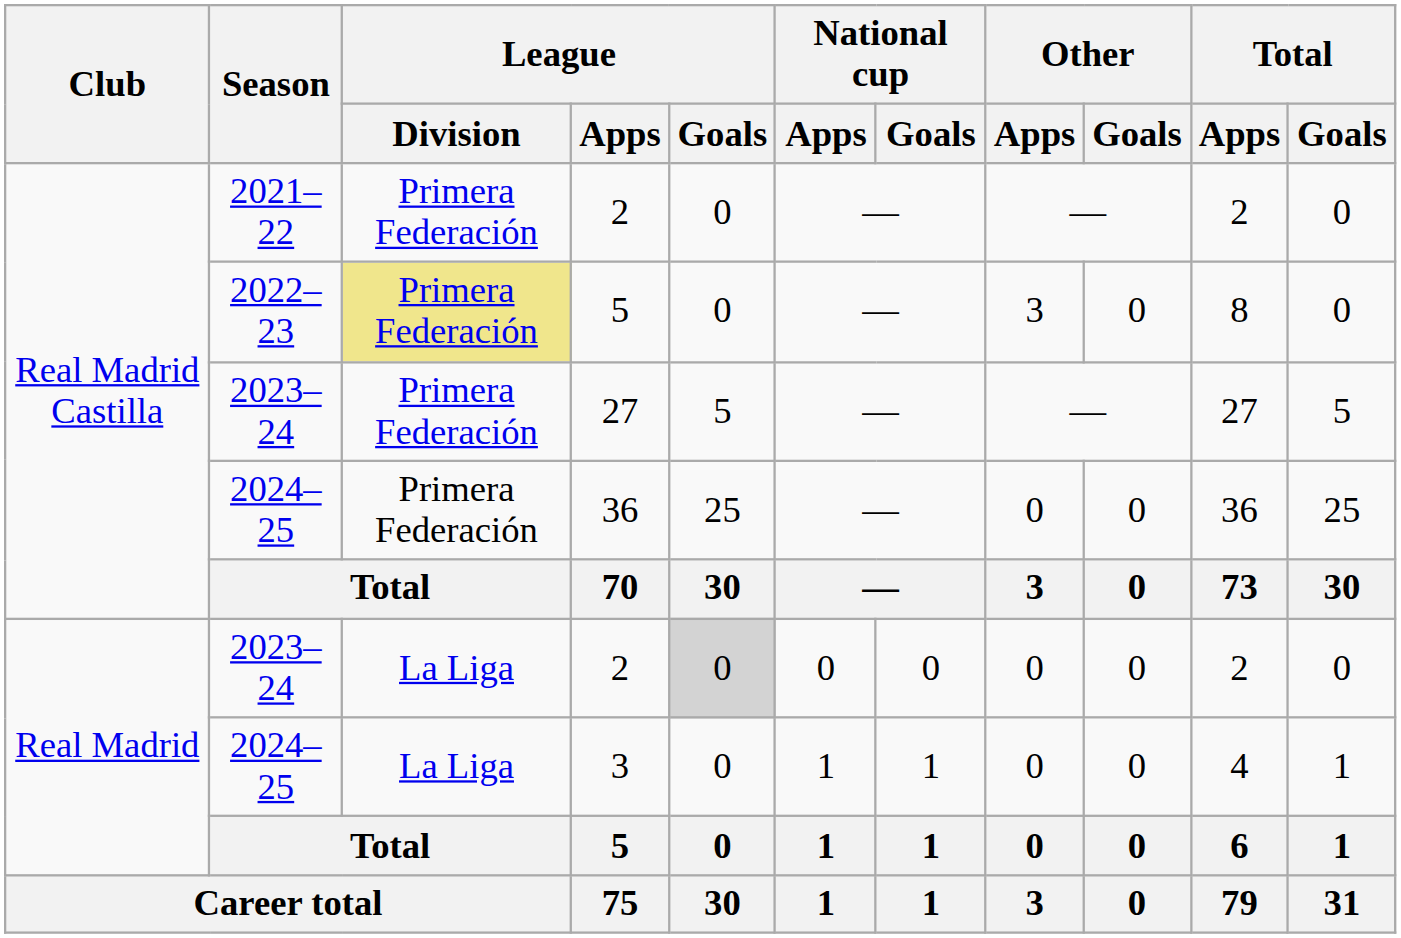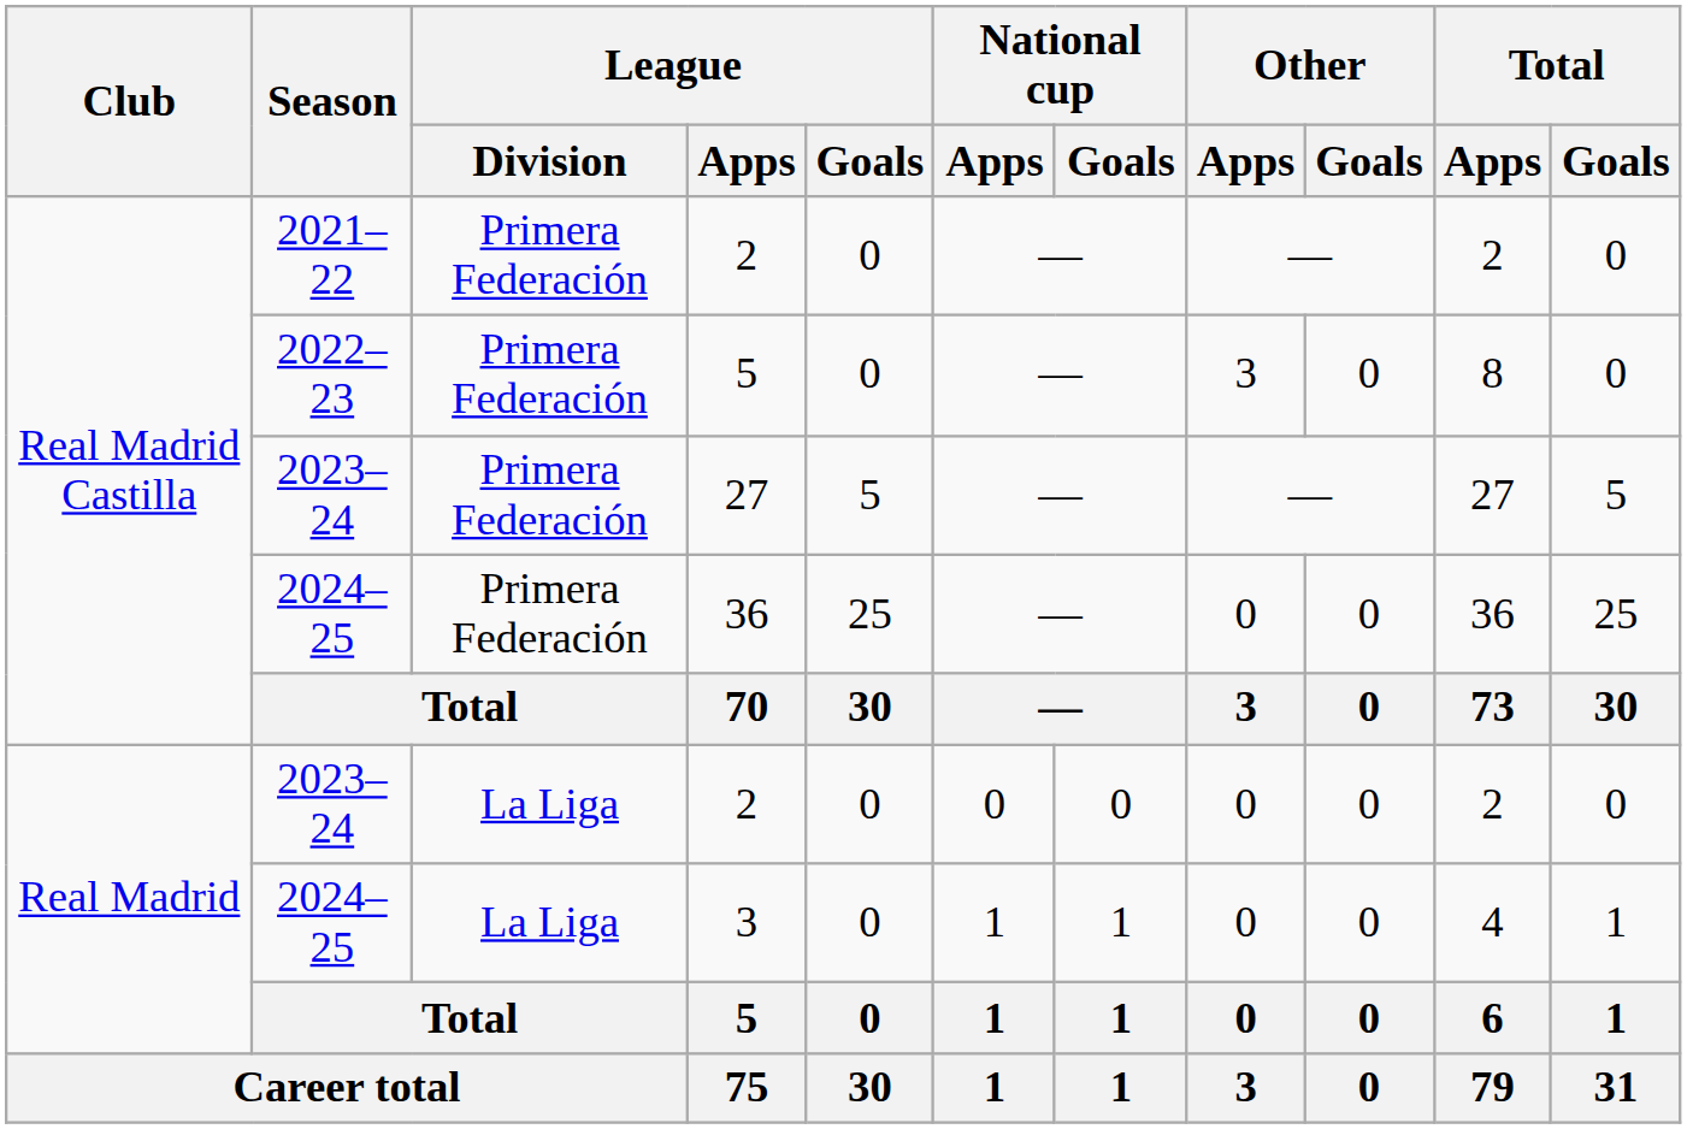 <table class="wikitable" style="text-align:center">
 <tr>
 <th rowspan="2">Club</th>
 <th rowspan="2">Season</th>
 <th colspan="3">League</th>
 <th colspan="2">National cup</th>
 <th colspan="2">Other</th>
 <th colspan="2">Total</th>
 </tr>
 <tr>
 <th>Division</th>
 <th>Apps</th>
 <th>Goals</th>
 <th>Apps</th>
 <th>Goals</th>
 <th>Apps</th>
 <th>Goals</th>
 <th>Apps</th>
 <th>Goals</th>
 </tr>
 <tr>
 <td rowspan="5"><a href='#'>Real Madrid Castilla</a></td>
 <td><a href='#'>2021–22</a></td>
 <td><a href='#'>Primera Federación</a></td>
 <td>2</td>
 <td>0</td>
 <td colspan="2">—</td>
 <td colspan="2">—</td>
 <td>2</td>
 <td>0</td>
 </tr>
 <tr>
 <td><a href='#'>2022–23</a></td>
-<td style="background: khaki;"><a href='#'>Primera Federación</a></td>
+<td><a href='#'>Primera Federación</a></td>
 <td>5</td>
 <td>0</td>
 <td colspan="2">—</td>
 <td>3</td>
 <td>0</td>
 <td>8</td>
 <td>0</td>
 </tr>
 <tr>
 <td><a href='#'>2023–24</a></td>
 <td><a href='#'>Primera Federación</a></td>
 <td>27</td>
 <td>5</td>
 <td colspan="2">—</td>
 <td colspan="2">—</td>
 <td>27</td>
 <td>5</td>
 </tr>
 <tr>
 <td><a href='#'>2024–25</a></td>
 <td>Primera Federación</td>
 <td>36</td>
 <td>25</td>
 <td colspan="2">—</td>
 <td>0</td>
 <td>0</td>
 <td>36</td>
 <td>25</td>
 </tr>
 <tr>
 <th colspan="2">Total</th>
 <th>70</th>
 <th>30</th>
 <th colspan="2">—</th>
 <th>3</th>
 <th>0</th>
 <th>73</th>
 <th>30</th>
 </tr>
 <tr>
 <td rowspan="3"><a href='#'>Real Madrid</a></td>
 <td><a href='#'>2023–24</a></td>
 <td><a href='#'>La Liga</a></td>
 <td>2</td>
-<td style="background: lightgrey;">0</td>
+<td>0</td>
 <td>0</td>
 <td>0</td>
 <td>0</td>
 <td>0</td>
 <td>2</td>
 <td>0</td>
 </tr>
 <tr>
 <td><a href='#'>2024–25</a></td>
 <td><a href='#'>La Liga</a></td>
 <td>3</td>
 <td>0</td>
 <td>1</td>
 <td>1</td>
 <td>0</td>
 <td>0</td>
 <td>4</td>
 <td>1</td>
 </tr>
 <tr>
 <th colspan="2">Total</th>
 <th>5</th>
 <th>0</th>
 <th>1</th>
 <th>1</th>
 <th>0</th>
 <th>0</th>
 <th>6</th>
 <th>1</th>
 </tr>
 <tr>
 <th colspan="3">Career total</th>
 <th>75</th>
 <th>30</th>
 <th>1</th>
 <th>1</th>
 <th>3</th>
 <th>0</th>
 <th>79</th>
 <th>31</th>
 </tr>
 </table>
